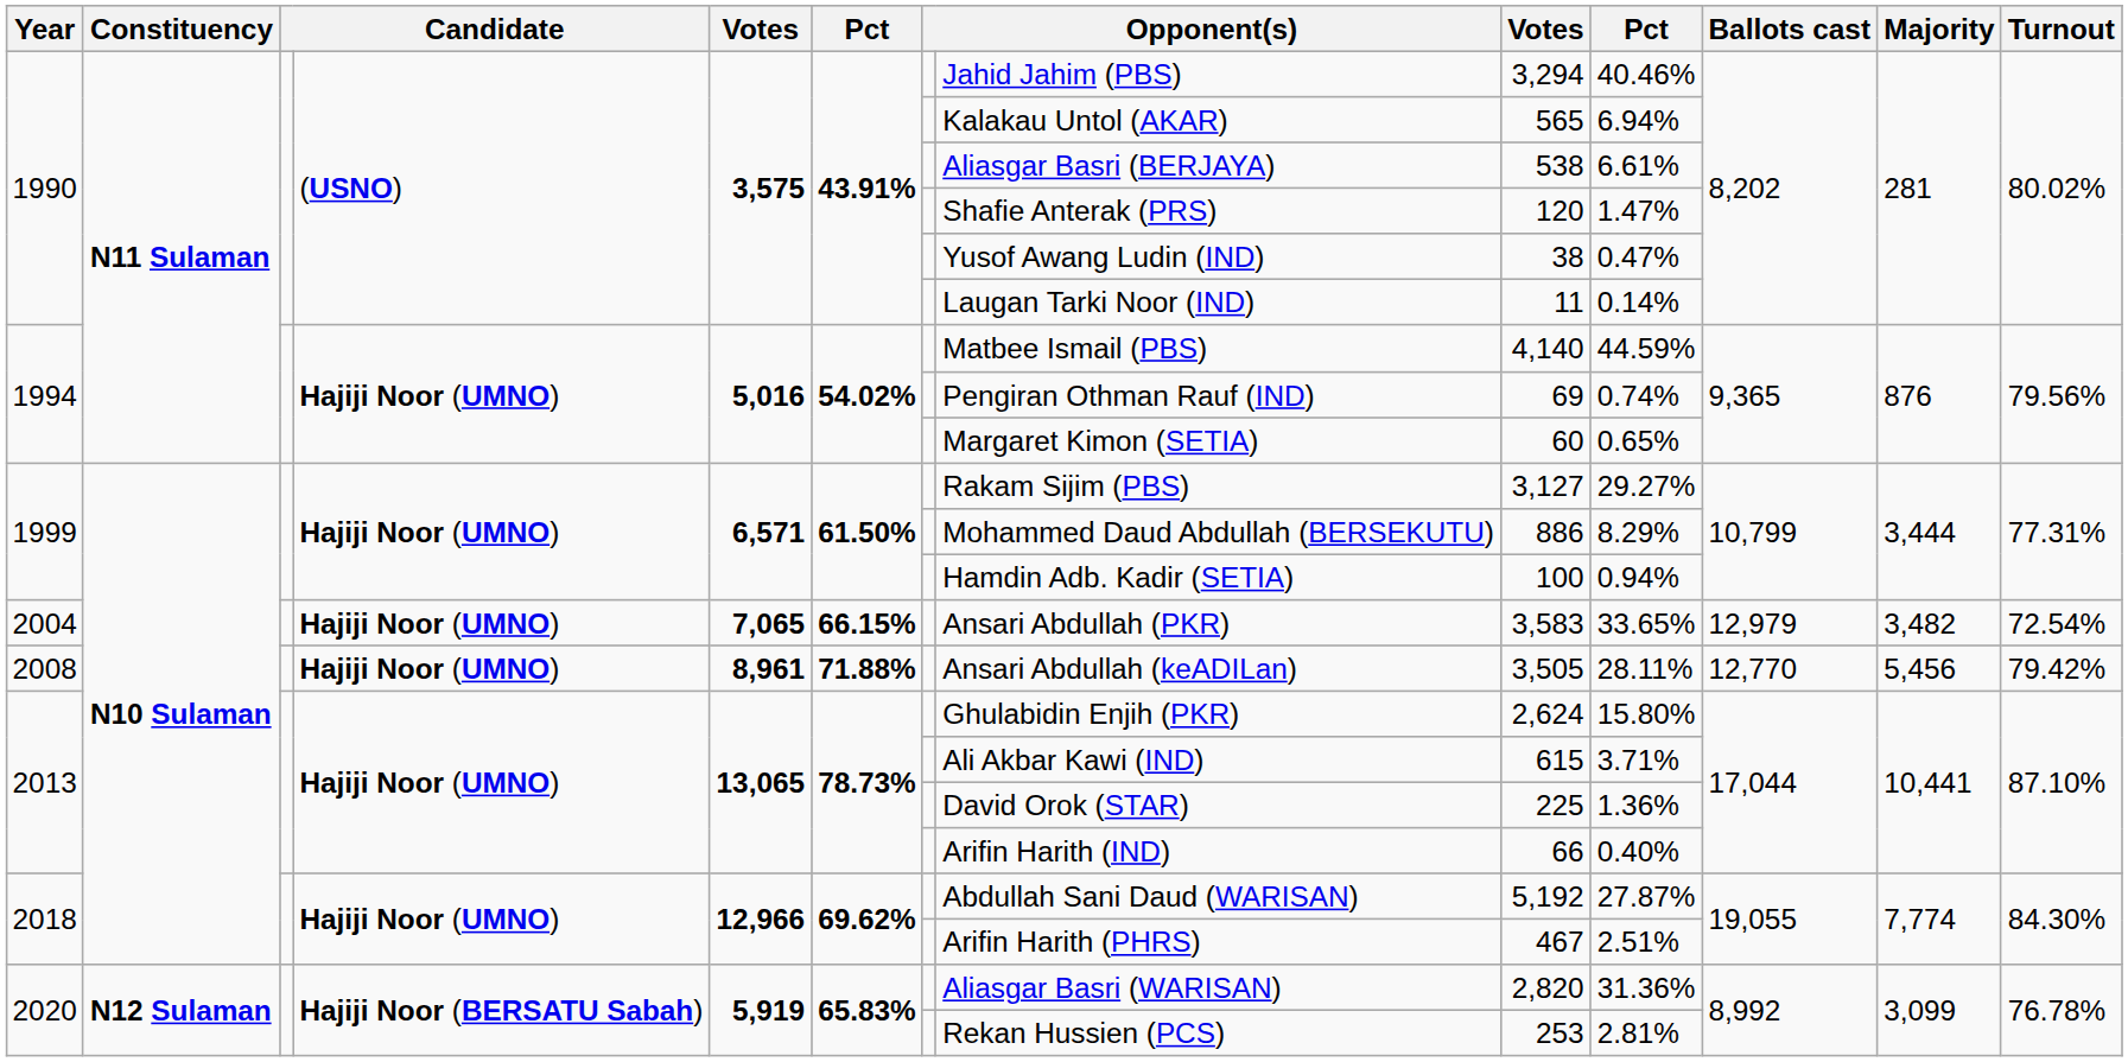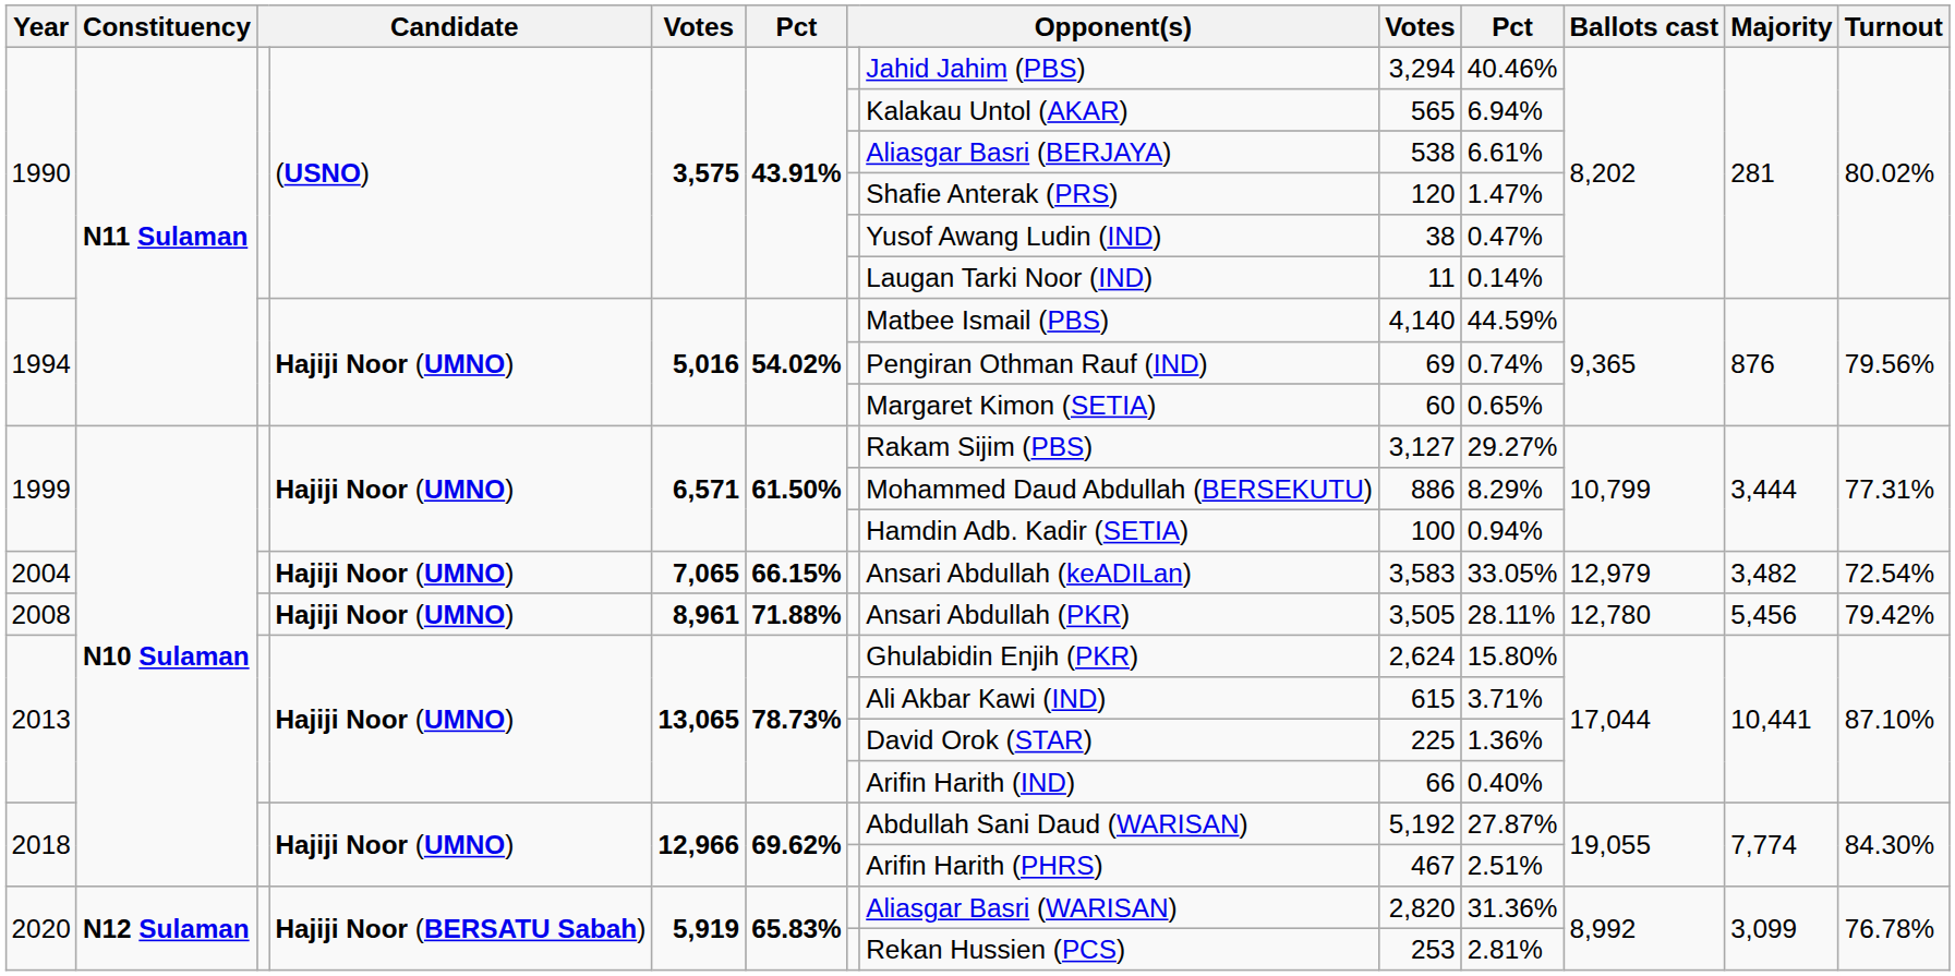 <table class="wikitable" style="margin:0.5em ; font-size:95%">
 <tr>
 <th>Year</th>
 <th>Constituency</th>
 <th colspan=2>Candidate</th>
 <th>Votes</th>
 <th>Pct</th>
 <th colspan=2>Opponent(s)</th>
 <th>Votes</th>
 <th>Pct</th>
 <th>Ballots cast</th>
 <th>Majority</th>
 <th>Turnout</th>
 </tr>
 <tr>
 <td rowspan=6>1990</td>
 <td rowspan=9><strong>N11 <a href='#'>Sulaman</a></strong></td>
 <td rowspan=6></td>
 <td rowspan=6> (<a href='#'><strong>USNO</strong></a>)</td>
 <td rowspan=6 align="right"><strong>3,575</strong></td>
 <td rowspan=6><strong>43.91%</strong></td>
 <td></td>
 <td><a href='#'>Jahid Jahim</a> (<a href='#'>PBS</a>)</td>
 <td align="right">3,294</td>
 <td>40.46%</td>
 <td rowspan=6>8,202</td>
 <td rowspan=6>281</td>
 <td rowspan=6>80.02%</td>
 </tr>
 <tr>
 <td></td>
 <td>Kalakau Untol (<a href='#'>AKAR</a>)</td>
 <td align="right">565</td>
 <td>6.94%</td>
 </tr>
 <tr>
 <td></td>
 <td><a href='#'>Aliasgar Basri</a> (<a href='#'>BERJAYA</a>)</td>
 <td align="right">538</td>
 <td>6.61%</td>
 </tr>
 <tr>
 <td></td>
 <td>Shafie Anterak (<a href='#'>PRS</a>)</td>
 <td align="right">120</td>
 <td>1.47%</td>
 </tr>
 <tr>
 <td></td>
 <td>Yusof Awang Ludin (<a href='#'>IND</a>)</td>
 <td align="right">38</td>
 <td>0.47%</td>
 </tr>
 <tr>
 <td></td>
 <td>Laugan Tarki Noor (<a href='#'>IND</a>)</td>
 <td align="right">11</td>
 <td>0.14%</td>
 </tr>
 <tr>
 <td rowspan=3>1994</td>
 <td rowspan=3 ></td>
 <td rowspan=3><strong>Hajiji Noor</strong> (<a href='#'><strong>UMNO</strong></a>)</td>
 <td rowspan=3 align="right"><strong>5,016</strong></td>
 <td rowspan=3><strong>54.02%</strong></td>
 <td></td>
 <td>Matbee Ismail (<a href='#'>PBS</a>)</td>
 <td align="right">4,140</td>
 <td>44.59%</td>
 <td rowspan=3>9,365</td>
 <td rowspan=3>876</td>
 <td rowspan=3>79.56%</td>
 </tr>
 <tr>
 <td></td>
 <td>Pengiran Othman Rauf (<a href='#'>IND</a>)</td>
 <td align="right">69</td>
 <td>0.74%</td>
 </tr>
 <tr>
 <td></td>
 <td>Margaret Kimon (<a href='#'>SETIA</a>)</td>
 <td align="right">60</td>
 <td>0.65%</td>
 </tr>
 <tr>
 <td rowspan=3>1999</td>
 <td rowspan=11><strong>N10 <a href='#'>Sulaman</a></strong></td>
 <td rowspan=3 ></td>
 <td rowspan=3><strong>Hajiji Noor</strong> (<a href='#'><strong>UMNO</strong></a>)</td>
 <td rowspan=3 align="right"><strong>6,571</strong></td>
 <td rowspan=3><strong>61.50%</strong></td>
 <td></td>
 <td>Rakam Sijim (<a href='#'>PBS</a>)</td>
 <td align="right">3,127</td>
 <td>29.27%</td>
 <td rowspan=3>10,799</td>
 <td rowspan=3>3,444</td>
 <td rowspan=3>77.31%</td>
 </tr>
 <tr>
 <td></td>
 <td>Mohammed Daud Abdullah (<a href='#'>BERSEKUTU</a>)</td>
 <td align="right">886</td>
 <td>8.29%</td>
 </tr>
 <tr>
 <td></td>
 <td>Hamdin Adb. Kadir (<a href='#'>SETIA</a>)</td>
 <td align="right">100</td>
 <td>0.94%</td>
 </tr>
 <tr>
 <td>2004</td>
 <td></td>
 <td><strong>Hajiji Noor</strong> (<a href='#'><strong>UMNO</strong></a>)</td>
 <td align="right"><strong>7,065</strong></td>
 <td><strong>66.15%</strong></td>
 <td></td>
-<td>Ansari Abdullah (<a href='#'>PKR</a>)</td>
+<td>Ansari Abdullah (<a href='#'>keADILan</a>)</td>
 <td align="right">3,583</td>
-<td>33.65%</td>
+<td>33.05%</td>
 <td>12,979</td>
 <td>3,482</td>
 <td>72.54%</td>
 </tr>
 <tr>
 <td>2008</td>
 <td></td>
 <td><strong>Hajiji Noor</strong> (<a href='#'><strong>UMNO</strong></a>)</td>
 <td align="right"><strong>8,961</strong></td>
 <td><strong>71.88%</strong></td>
 <td></td>
-<td>Ansari Abdullah (<a href='#'>keADILan</a>)</td>
+<td>Ansari Abdullah (<a href='#'>PKR</a>)</td>
 <td align="right">3,505</td>
 <td>28.11%</td>
-<td>12,770</td>
+<td>12,780</td>
 <td>5,456</td>
 <td>79.42%</td>
 </tr>
 <tr>
 <td rowspan=4>2013</td>
 <td rowspan=4 ></td>
 <td rowspan=4><strong>Hajiji Noor</strong> (<a href='#'><strong>UMNO</strong></a>)</td>
 <td rowspan=4 align="right"><strong>13,065</strong></td>
 <td rowspan=4><strong>78.73%</strong></td>
 <td></td>
 <td>Ghulabidin Enjih (<a href='#'>PKR</a>)</td>
 <td align="right">2,624</td>
 <td>15.80%</td>
 <td rowspan=4>17,044</td>
 <td rowspan=4>10,441</td>
 <td rowspan=4>87.10%</td>
 </tr>
 <tr>
 <td></td>
 <td>Ali Akbar Kawi (<a href='#'>IND</a>)</td>
 <td align="right">615</td>
 <td>3.71%</td>
 </tr>
 <tr>
 <td></td>
 <td>David Orok (<a href='#'>STAR</a>)</td>
 <td align="right">225</td>
 <td>1.36%</td>
 </tr>
 <tr>
 <td></td>
 <td>Arifin Harith (<a href='#'>IND</a>)</td>
 <td align="right">66</td>
 <td>0.40%</td>
 </tr>
 <tr>
 <td rowspan=2>2018</td>
 <td rowspan=2 ></td>
 <td rowspan=2><strong>Hajiji Noor</strong> (<a href='#'><strong>UMNO</strong></a>)</td>
 <td rowspan=2 align="right"><strong>12,966</strong></td>
 <td rowspan=2><strong>69.62%</strong></td>
 <td></td>
 <td>Abdullah Sani Daud (<a href='#'>WARISAN</a>)</td>
 <td align="right">5,192</td>
 <td>27.87%</td>
 <td rowspan=2>19,055</td>
 <td rowspan=2>7,774</td>
 <td rowspan=2>84.30%</td>
 </tr>
 <tr>
 <td></td>
 <td>Arifin Harith (<a href='#'>PHRS</a>)</td>
 <td align="right">467</td>
 <td>2.51%</td>
 </tr>
 <tr>
 <td rowspan=2>2020</td>
 <td rowspan=2><strong>N12 <a href='#'>Sulaman</a></strong></td>
 <td rowspan=2 bgcolor=></td>
 <td rowspan=2><strong>Hajiji Noor</strong> (<a href='#'><strong>BERSATU Sabah</strong></a>)</td>
 <td rowspan=2 align="right"><strong>5,919</strong></td>
 <td rowspan=2><strong>65.83%</strong></td>
 <td></td>
 <td><a href='#'>Aliasgar Basri</a> (<a href='#'>WARISAN</a>)</td>
 <td align="right">2,820</td>
 <td>31.36%</td>
 <td rowspan=2>8,992</td>
 <td rowspan=2>3,099</td>
 <td rowspan=2>76.78%</td>
 </tr>
 <tr>
 <td></td>
 <td>Rekan Hussien (<a href='#'>PCS</a>)</td>
 <td align="right">253</td>
 <td>2.81%</td>
 </tr>
 </table>
